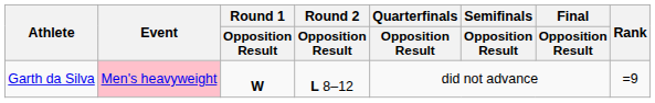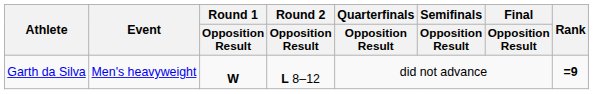 <table class="wikitable" style="font-size:90%;text-align:center;">
 <tr>
 <th rowspan=2>Athlete</th>
 <th rowspan=2>Event</th>
 <th>Round 1</th>
 <th>Round 2</th>
 <th>Quarterfinals</th>
 <th>Semifinals</th>
 <th>Final</th>
 <th rowspan=2>Rank</th>
 </tr>
 <tr style="font-size:95%">
 <th>Opposition<br>Result</th>
 <th>Opposition<br>Result</th>
 <th>Opposition<br>Result</th>
 <th>Opposition<br>Result</th>
 <th>Opposition<br>Result</th>
 </tr>
 <tr>
 <td align=left><a href='#'>Garth da Silva</a></td>
-<td align=left style="background: pink;"><a href='#'>Men's heavyweight</a></td>
+<td align=left><a href='#'>Men's heavyweight</a></td>
 <td><br><strong>W</strong> </td>
 <td><br><strong>L</strong> 8–12</td>
 <td colspan=3>did not advance</td>
-<td>=9</td>
+<td><strong>=9</strong></td>
 </tr>
 </table>
